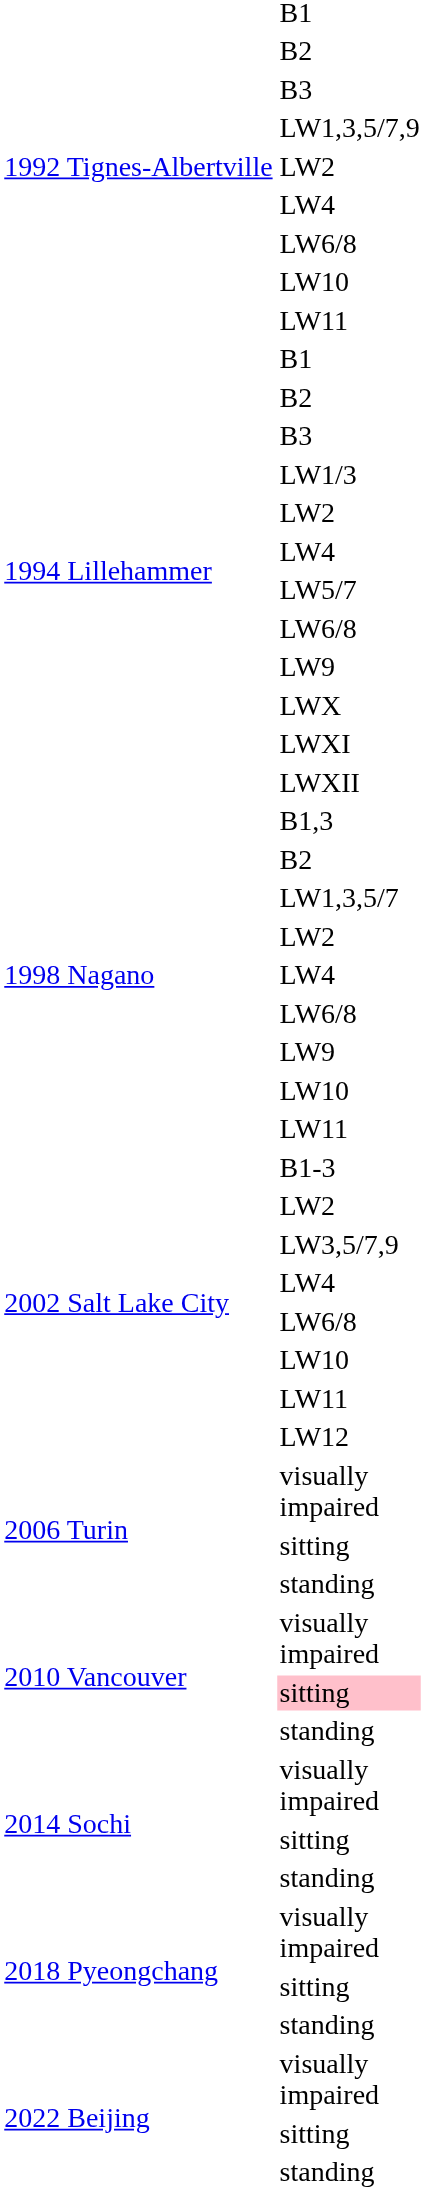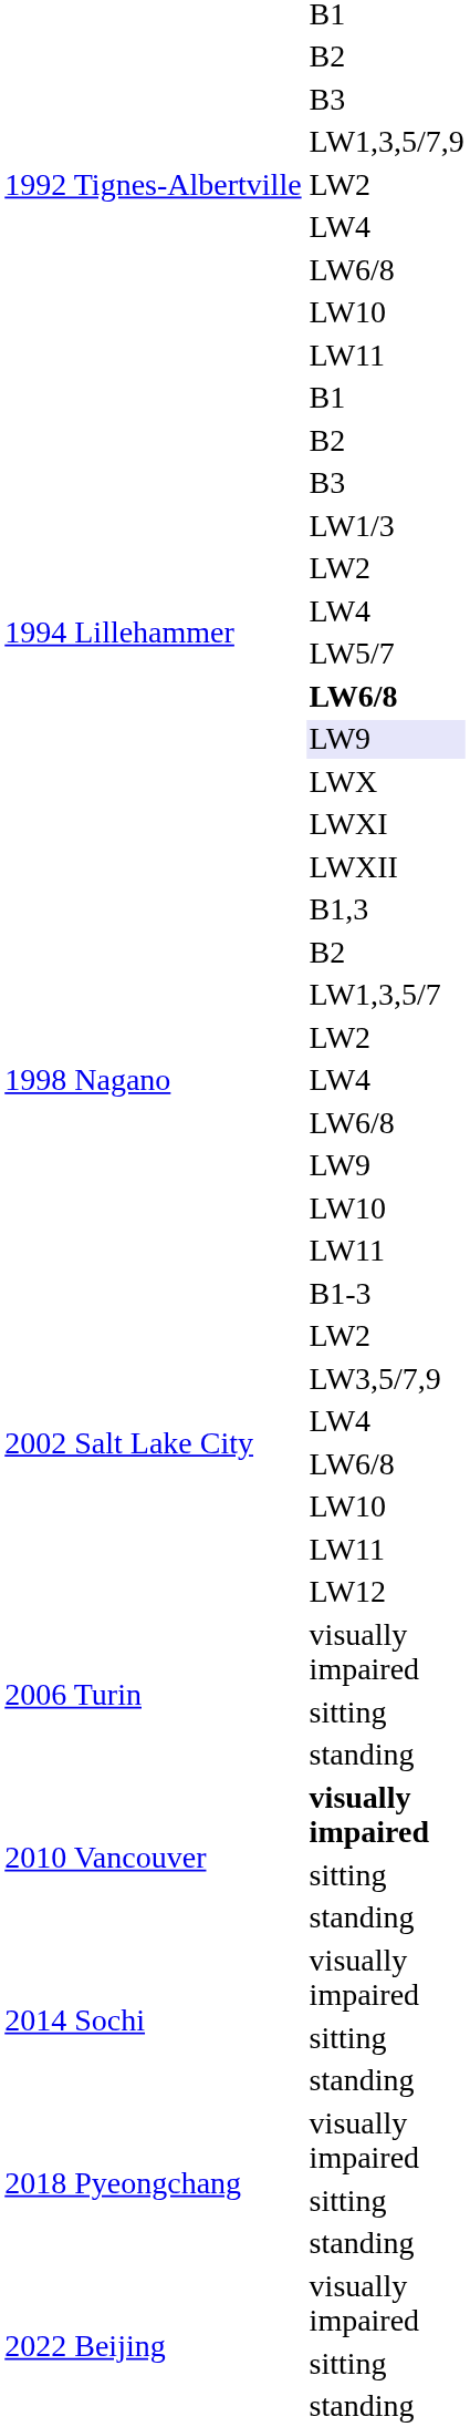 <table>
 <tr>
 <td rowspan="9"><a href='#'>1992 Tignes-Albertville</a><br></td>
 <td>B1</td>
 <td></td>
 <td></td>
 <td></td>
 </tr>
 <tr>
 <td>B2</td>
 <td></td>
 <td></td>
 <td></td>
 </tr>
 <tr>
 <td>B3</td>
 <td></td>
 <td></td>
 <td></td>
 </tr>
 <tr>
 <td>LW1,3,5/7,9</td>
 <td></td>
 <td></td>
 <td></td>
 </tr>
 <tr>
 <td>LW2</td>
 <td></td>
 <td></td>
 <td></td>
 </tr>
 <tr>
 <td>LW4</td>
 <td></td>
 <td></td>
 <td></td>
 </tr>
 <tr>
 <td>LW6/8</td>
 <td></td>
 <td></td>
 <td></td>
 </tr>
 <tr>
 <td>LW10</td>
 <td></td>
 <td></td>
 <td></td>
 </tr>
 <tr>
 <td>LW11</td>
 <td></td>
 <td></td>
 <td></td>
 </tr>
 <tr>
 <td rowspan="12"><a href='#'>1994 Lillehammer</a><br></td>
 <td>B1</td>
 <td></td>
 <td></td>
 <td></td>
 </tr>
 <tr>
 <td>B2</td>
 <td></td>
 <td></td>
 <td></td>
 </tr>
 <tr>
 <td>B3</td>
 <td></td>
 <td></td>
 <td></td>
 </tr>
 <tr>
 <td>LW1/3</td>
 <td></td>
 <td></td>
 <td></td>
 </tr>
 <tr>
 <td>LW2</td>
 <td></td>
 <td></td>
 <td></td>
 </tr>
 <tr>
 <td>LW4</td>
 <td></td>
 <td></td>
 <td></td>
 </tr>
 <tr>
 <td>LW5/7</td>
 <td></td>
 <td></td>
 <td></td>
 </tr>
 <tr>
-<td>LW6/8</td>
+<td><strong>LW6/8</strong></td>
 <td></td>
 <td></td>
 <td></td>
 </tr>
 <tr>
-<td>LW9</td>
+<td style="background: lavender;">LW9</td>
 <td></td>
 <td></td>
 <td></td>
 </tr>
 <tr>
 <td>LWX</td>
 <td></td>
 <td></td>
 <td></td>
 </tr>
 <tr>
 <td>LWXI</td>
 <td></td>
 <td></td>
 <td></td>
 </tr>
 <tr>
 <td>LWXII</td>
 <td></td>
 <td></td>
 <td></td>
 </tr>
 <tr>
 <td rowspan="9"><a href='#'>1998 Nagano</a><br></td>
 <td>B1,3</td>
 <td></td>
 <td></td>
 <td></td>
 </tr>
 <tr>
 <td>B2</td>
 <td></td>
 <td></td>
 <td></td>
 </tr>
 <tr>
 <td>LW1,3,5/7</td>
 <td></td>
 <td></td>
 <td></td>
 </tr>
 <tr>
 <td>LW2</td>
 <td></td>
 <td></td>
 <td></td>
 </tr>
 <tr>
 <td>LW4</td>
 <td></td>
 <td></td>
 <td></td>
 </tr>
 <tr>
 <td>LW6/8</td>
 <td></td>
 <td></td>
 <td></td>
 </tr>
 <tr>
 <td>LW9</td>
 <td></td>
 <td></td>
 <td></td>
 </tr>
 <tr>
 <td>LW10</td>
 <td></td>
 <td></td>
 <td></td>
 </tr>
 <tr>
 <td>LW11</td>
 <td></td>
 <td></td>
 <td></td>
 </tr>
 <tr>
 <td rowspan="8"><a href='#'>2002 Salt Lake City</a><br></td>
 <td>B1-3</td>
 <td></td>
 <td></td>
 <td></td>
 </tr>
 <tr>
 <td>LW2</td>
 <td></td>
 <td></td>
 <td></td>
 </tr>
 <tr>
 <td>LW3,5/7,9</td>
 <td></td>
 <td></td>
 <td></td>
 </tr>
 <tr>
 <td>LW4</td>
 <td></td>
 <td></td>
 <td></td>
 </tr>
 <tr>
 <td>LW6/8</td>
 <td></td>
 <td></td>
 <td></td>
 </tr>
 <tr>
 <td>LW10</td>
 <td></td>
 <td></td>
 <td></td>
 </tr>
 <tr>
 <td>LW11</td>
 <td></td>
 <td></td>
 <td></td>
 </tr>
 <tr>
 <td>LW12</td>
 <td></td>
 <td></td>
 <td></td>
 </tr>
 <tr>
 <td rowspan="3"><a href='#'>2006 Turin</a><br></td>
 <td>visually <br>impaired</td>
 <td></td>
 <td></td>
 <td></td>
 </tr>
 <tr>
 <td>sitting</td>
 <td></td>
 <td></td>
 <td></td>
 </tr>
 <tr>
 <td>standing</td>
 <td></td>
 <td></td>
 <td></td>
 </tr>
 <tr>
 <td rowspan="3"><a href='#'>2010 Vancouver</a><br></td>
-<td>visually <br>impaired</td>
+<td><strong>visually <br>impaired</strong></td>
 <td></td>
 <td></td>
 <td></td>
 </tr>
 <tr>
-<td style="background: pink;">sitting</td>
+<td>sitting</td>
 <td></td>
 <td></td>
 <td></td>
 </tr>
 <tr>
 <td>standing</td>
 <td></td>
 <td></td>
 <td></td>
 </tr>
 <tr>
 <td rowspan="3"><a href='#'>2014 Sochi</a><br></td>
 <td>visually <br>impaired</td>
 <td></td>
 <td></td>
 <td></td>
 </tr>
 <tr>
 <td>sitting</td>
 <td></td>
 <td></td>
 <td></td>
 </tr>
 <tr>
 <td>standing</td>
 <td></td>
 <td></td>
 <td></td>
 </tr>
 <tr>
 <td rowspan="3"><a href='#'>2018 Pyeongchang</a><br></td>
 <td>visually <br>impaired</td>
 <td></td>
 <td></td>
 <td></td>
 </tr>
 <tr>
 <td>sitting</td>
 <td></td>
 <td></td>
 <td></td>
 </tr>
 <tr>
 <td>standing</td>
 <td></td>
 <td></td>
 <td></td>
 </tr>
 <tr>
 <td rowspan="3"><a href='#'>2022 Beijing</a><br></td>
 <td>visually <br>impaired</td>
 <td></td>
 <td></td>
 <td></td>
 </tr>
 <tr>
 <td>sitting</td>
 <td></td>
 <td></td>
 <td></td>
 </tr>
 <tr>
 <td>standing</td>
 <td></td>
 <td></td>
 <td></td>
 </tr>
 </table>
